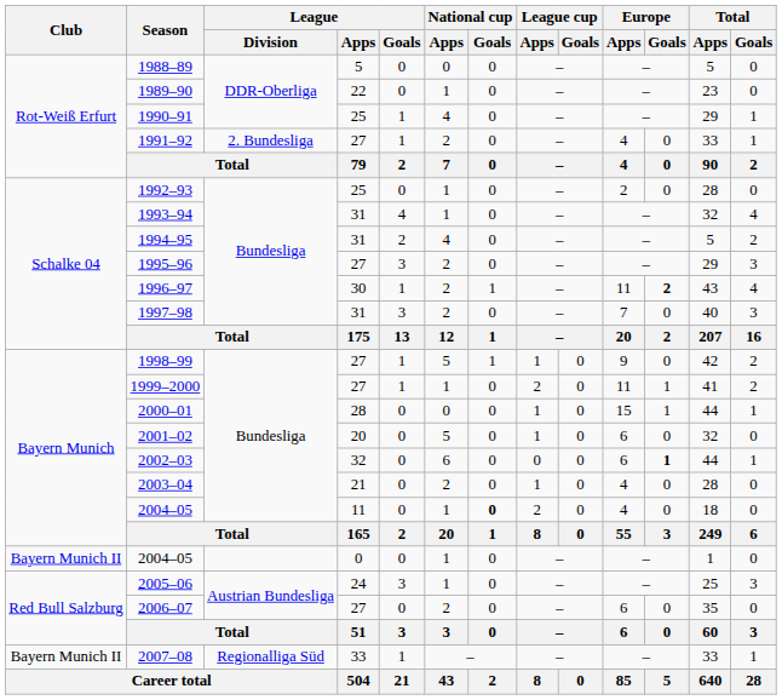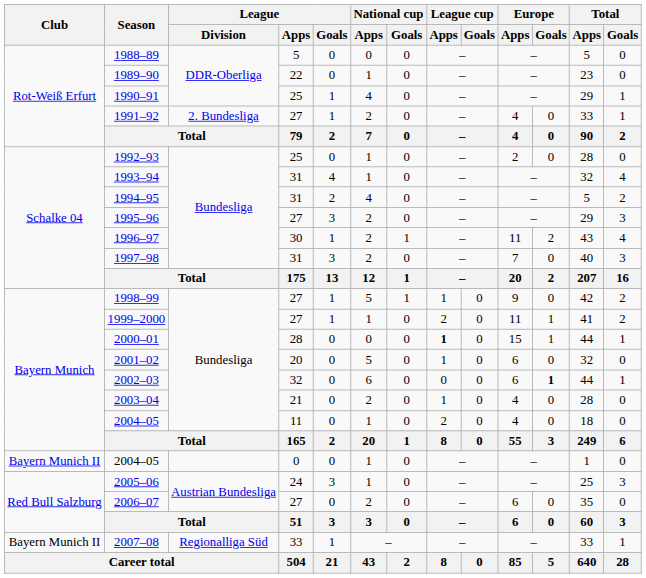 <table class=wikitable style=text-align:center>
 <tr>
 <th rowspan=2>Club</th>
 <th rowspan=2>Season</th>
 <th colspan=3>League</th>
 <th colspan=2>National cup</th>
 <th colspan=2>League cup</th>
 <th colspan=2>Europe</th>
 <th colspan=2>Total</th>
 </tr>
 <tr>
 <th>Division</th>
 <th>Apps</th>
 <th>Goals</th>
 <th>Apps</th>
 <th>Goals</th>
 <th>Apps</th>
 <th>Goals</th>
 <th>Apps</th>
 <th>Goals</th>
 <th>Apps</th>
 <th>Goals</th>
 </tr>
 <tr>
 <td rowspan="5"><a href='#'>Rot-Weiß Erfurt</a></td>
 <td><a href='#'>1988–89</a></td>
 <td rowspan="3"><a href='#'>DDR-Oberliga</a></td>
 <td>5</td>
 <td>0</td>
 <td>0</td>
 <td>0</td>
 <td colspan="2">–</td>
 <td colspan="2">–</td>
 <td>5</td>
 <td>0</td>
 </tr>
 <tr>
 <td><a href='#'>1989–90</a></td>
 <td>22</td>
 <td>0</td>
 <td>1</td>
 <td>0</td>
 <td colspan="2">–</td>
 <td colspan="2">–</td>
 <td>23</td>
 <td>0</td>
 </tr>
 <tr>
 <td><a href='#'>1990–91</a></td>
 <td>25</td>
 <td>1</td>
 <td>4</td>
 <td>0</td>
 <td colspan="2">–</td>
 <td colspan="2">–</td>
 <td>29</td>
 <td>1</td>
 </tr>
 <tr>
 <td><a href='#'>1991–92</a></td>
 <td><a href='#'>2. Bundesliga</a></td>
 <td>27</td>
 <td>1</td>
 <td>2</td>
 <td>0</td>
 <td colspan="2">–</td>
 <td>4</td>
 <td>0</td>
 <td>33</td>
 <td>1</td>
 </tr>
 <tr>
 <th colspan="2">Total</th>
 <th>79</th>
 <th>2</th>
 <th>7</th>
 <th>0</th>
 <th colspan="2">–</th>
 <th>4</th>
 <th>0</th>
 <th>90</th>
 <th>2</th>
 </tr>
 <tr>
 <td rowspan="7"><a href='#'>Schalke 04</a></td>
 <td><a href='#'>1992–93</a></td>
 <td rowspan="6"><a href='#'>Bundesliga</a></td>
 <td>25</td>
 <td>0</td>
 <td>1</td>
 <td>0</td>
 <td colspan="2">–</td>
 <td>2</td>
 <td>0</td>
 <td>28</td>
 <td>0</td>
 </tr>
 <tr>
 <td><a href='#'>1993–94</a></td>
 <td>31</td>
 <td>4</td>
 <td>1</td>
 <td>0</td>
 <td colspan="2">–</td>
 <td colspan="2">–</td>
 <td>32</td>
 <td>4</td>
 </tr>
 <tr>
 <td><a href='#'>1994–95</a></td>
 <td>31</td>
 <td>2</td>
 <td>4</td>
 <td>0</td>
 <td colspan="2">–</td>
 <td colspan="2">–</td>
 <td>5</td>
 <td>2</td>
 </tr>
 <tr>
 <td><a href='#'>1995–96</a></td>
 <td>27</td>
 <td>3</td>
 <td>2</td>
 <td>0</td>
 <td colspan="2">–</td>
 <td colspan="2">–</td>
 <td>29</td>
 <td>3</td>
 </tr>
 <tr>
 <td><a href='#'>1996–97</a></td>
 <td>30</td>
 <td>1</td>
 <td>2</td>
 <td>1</td>
 <td colspan="2">–</td>
 <td>11</td>
-<td><strong>2</strong></td>
+<td>2</td>
 <td>43</td>
 <td>4</td>
 </tr>
 <tr>
 <td><a href='#'>1997–98</a></td>
 <td>31</td>
 <td>3</td>
 <td>2</td>
 <td>0</td>
 <td colspan="2">–</td>
 <td>7</td>
 <td>0</td>
 <td>40</td>
 <td>3</td>
 </tr>
 <tr>
 <th colspan="2">Total</th>
 <th>175</th>
 <th>13</th>
 <th>12</th>
 <th>1</th>
 <th colspan="2">–</th>
 <th>20</th>
 <th>2</th>
 <th>207</th>
 <th>16</th>
 </tr>
 <tr>
 <td rowspan="8"><a href='#'>Bayern Munich</a></td>
 <td><a href='#'>1998–99</a></td>
 <td rowspan="7">Bundesliga</td>
 <td>27</td>
 <td>1</td>
 <td>5</td>
 <td>1</td>
 <td>1</td>
 <td>0</td>
 <td>9</td>
 <td>0</td>
 <td>42</td>
 <td>2</td>
 </tr>
 <tr>
 <td><a href='#'>1999–2000</a></td>
 <td>27</td>
 <td>1</td>
 <td>1</td>
 <td>0</td>
 <td>2</td>
 <td>0</td>
 <td>11</td>
 <td>1</td>
 <td>41</td>
 <td>2</td>
 </tr>
 <tr>
 <td><a href='#'>2000–01</a></td>
 <td>28</td>
 <td>0</td>
 <td>0</td>
 <td>0</td>
-<td>1</td>
+<td><strong>1</strong></td>
 <td>0</td>
 <td>15</td>
 <td>1</td>
 <td>44</td>
 <td>1</td>
 </tr>
 <tr>
 <td><a href='#'>2001–02</a></td>
 <td>20</td>
 <td>0</td>
 <td>5</td>
 <td>0</td>
 <td>1</td>
 <td>0</td>
 <td>6</td>
 <td>0</td>
 <td>32</td>
 <td>0</td>
 </tr>
 <tr>
 <td><a href='#'>2002–03</a></td>
 <td>32</td>
 <td>0</td>
 <td>6</td>
 <td>0</td>
 <td>0</td>
 <td>0</td>
 <td>6</td>
 <td><strong>1</strong></td>
 <td>44</td>
 <td>1</td>
 </tr>
 <tr>
 <td><a href='#'>2003–04</a></td>
 <td>21</td>
 <td>0</td>
 <td>2</td>
 <td>0</td>
 <td>1</td>
 <td>0</td>
 <td>4</td>
 <td>0</td>
 <td>28</td>
 <td>0</td>
 </tr>
 <tr>
 <td><a href='#'>2004–05</a></td>
 <td>11</td>
 <td>0</td>
 <td>1</td>
-<td><strong>0</strong></td>
+<td>0</td>
 <td>2</td>
 <td>0</td>
 <td>4</td>
 <td>0</td>
 <td>18</td>
 <td>0</td>
 </tr>
 <tr>
 <th colspan="2">Total</th>
 <th>165</th>
 <th>2</th>
 <th>20</th>
 <th>1</th>
 <th>8</th>
 <th>0</th>
 <th>55</th>
 <th>3</th>
 <th>249</th>
 <th>6</th>
 </tr>
 <tr>
 <td><a href='#'>Bayern Munich II</a></td>
 <td>2004–05</td>
 <td></td>
 <td>0</td>
 <td>0</td>
 <td>1</td>
 <td>0</td>
 <td colspan="2">–</td>
 <td colspan="2">–</td>
 <td>1</td>
 <td>0</td>
 </tr>
 <tr>
 <td rowspan="3"><a href='#'>Red Bull Salzburg</a></td>
 <td><a href='#'>2005–06</a></td>
 <td rowspan="2"><a href='#'>Austrian Bundesliga</a></td>
 <td>24</td>
 <td>3</td>
 <td>1</td>
 <td>0</td>
 <td colspan="2">–</td>
 <td colspan="2">–</td>
 <td>25</td>
 <td>3</td>
 </tr>
 <tr>
 <td><a href='#'>2006–07</a></td>
 <td>27</td>
 <td>0</td>
 <td>2</td>
 <td>0</td>
 <td colspan="2">–</td>
 <td>6</td>
 <td>0</td>
 <td>35</td>
 <td>0</td>
 </tr>
 <tr>
 <th colspan="2">Total</th>
 <th>51</th>
 <th>3</th>
 <th>3</th>
 <th>0</th>
 <th colspan="2">–</th>
 <th>6</th>
 <th>0</th>
 <th>60</th>
 <th>3</th>
 </tr>
 <tr>
 <td>Bayern Munich II</td>
 <td><a href='#'>2007–08</a></td>
 <td><a href='#'>Regionalliga Süd</a></td>
 <td>33</td>
 <td>1</td>
 <td colspan="2">–</td>
 <td colspan="2">–</td>
 <td colspan="2">–</td>
 <td>33</td>
 <td>1</td>
 </tr>
 <tr>
 <th colspan="3">Career total</th>
 <th>504</th>
 <th>21</th>
 <th>43</th>
 <th>2</th>
 <th>8</th>
 <th>0</th>
 <th>85</th>
 <th>5</th>
 <th>640</th>
 <th>28</th>
 </tr>
 </table>
